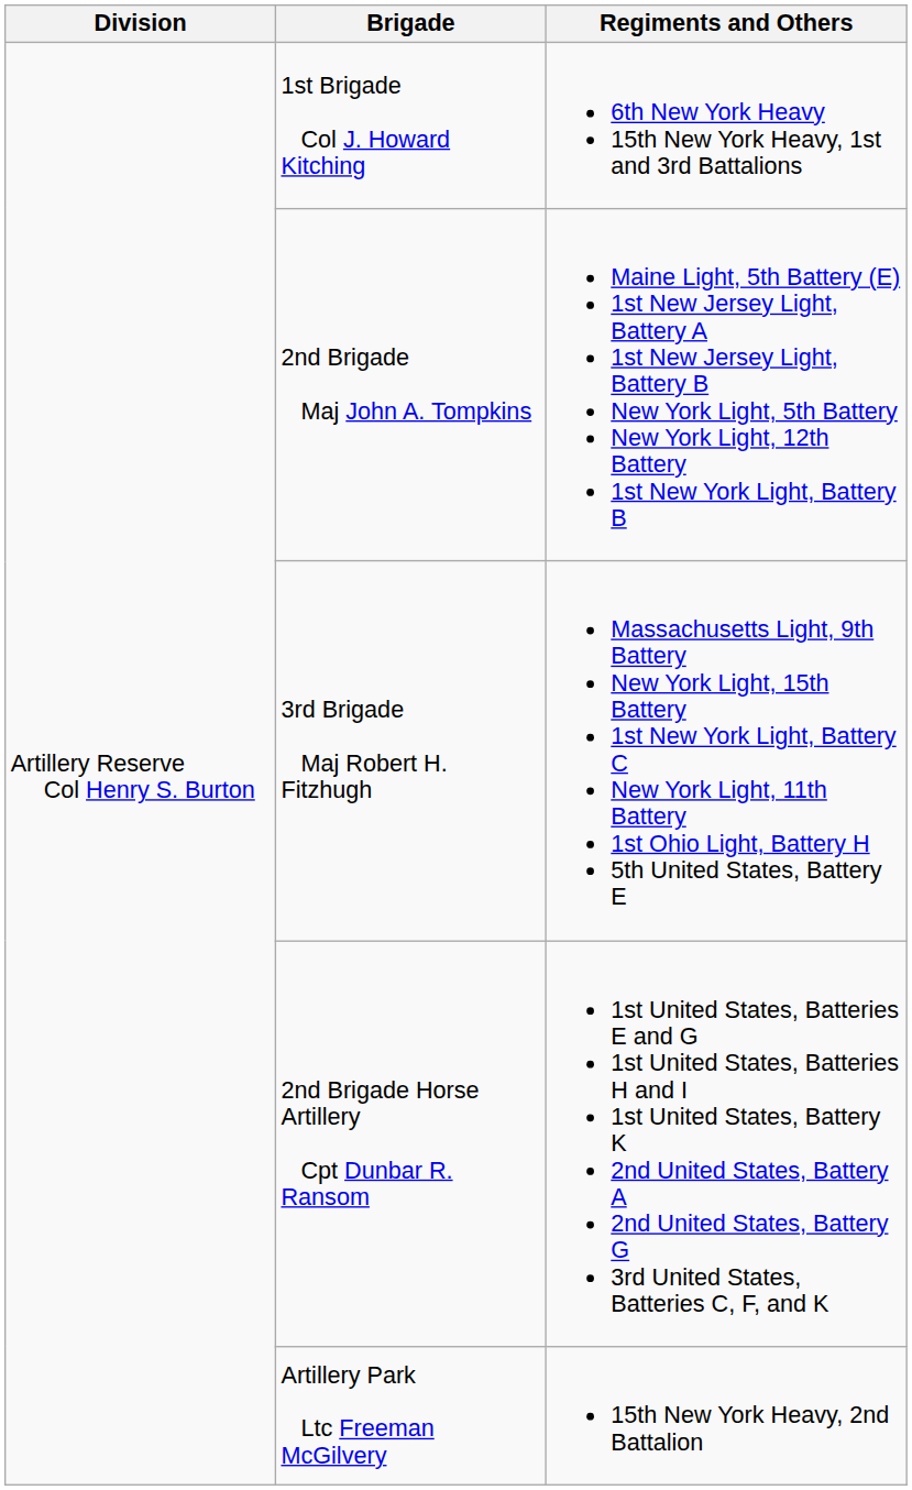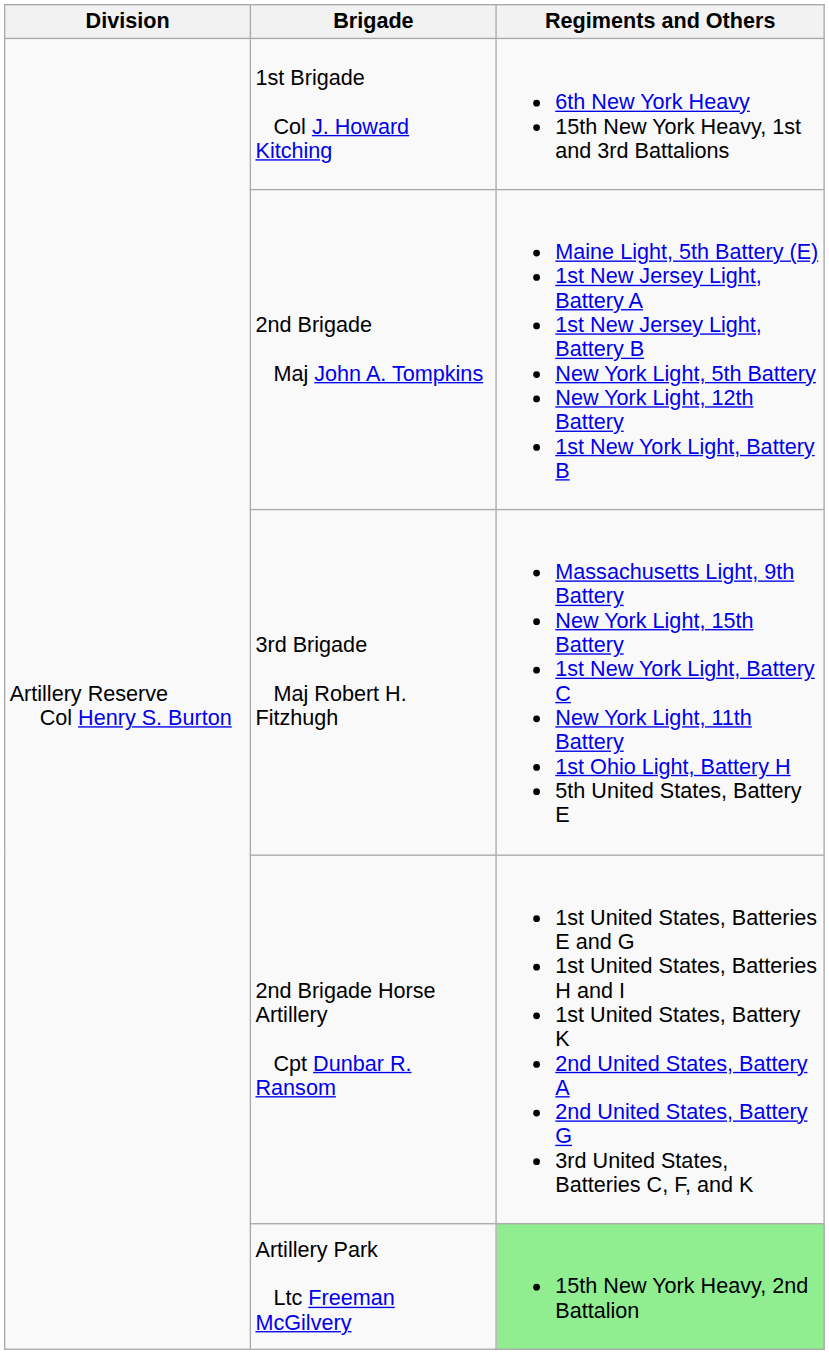 <table class="wikitable">
 <tr>
 <th width=30%>Division</th>
 <th width=30%>Brigade</th>
 <th>Regiments and Others</th>
 </tr>
 <tr>
 <td rowspan=5><br>Artillery Reserve <br>     Col <a href='#'>Henry S. Burton</a></td>
 <td>1st Brigade<br><br>   Col <a href='#'>J. Howard Kitching</a></td>
 <td><br><ul><li><a href='#'>6th New York Heavy</a></li><li>15th New York Heavy, 1st and 3rd Battalions</li></ul></td>
 </tr>
 <tr>
 <td>2nd Brigade<br><br>   Maj <a href='#'>John A. Tompkins</a></td>
 <td><br><ul><li><a href='#'>Maine Light, 5th Battery (E)</a></li><li><a href='#'>1st New Jersey Light, Battery A</a></li><li><a href='#'>1st New Jersey Light, Battery B</a></li><li><a href='#'>New York Light, 5th Battery</a></li><li><a href='#'>New York Light, 12th Battery</a></li><li><a href='#'>1st New York Light, Battery B</a></li></ul></td>
 </tr>
 <tr>
 <td>3rd Brigade<br><br>   Maj Robert H. Fitzhugh</td>
 <td><br><ul><li><a href='#'>Massachusetts Light, 9th Battery</a></li><li><a href='#'>New York Light, 15th Battery</a></li><li><a href='#'>1st New York Light, Battery C</a></li><li><a href='#'>New York Light, 11th Battery</a></li><li><a href='#'>1st Ohio Light, Battery H</a></li><li>5th United States, Battery E</li></ul></td>
 </tr>
 <tr>
 <td>2nd Brigade Horse Artillery<br><br>   Cpt <a href='#'>Dunbar R. Ransom</a></td>
 <td><br><ul><li>1st United States, Batteries E and G</li><li>1st United States, Batteries H and I</li><li>1st United States, Battery K</li><li><a href='#'>2nd United States, Battery A</a></li><li><a href='#'>2nd United States, Battery G</a></li><li>3rd United States, Batteries C, F, and K</li></ul></td>
 </tr>
 <tr>
 <td>Artillery Park<br><br>   Ltc <a href='#'>Freeman McGilvery</a></td>
-<td><br><ul><li>15th New York Heavy, 2nd Battalion</li></ul></td>
+<td style="background: lightgreen;"><br><ul><li>15th New York Heavy, 2nd Battalion</li></ul></td>
 </tr>
 </table>
